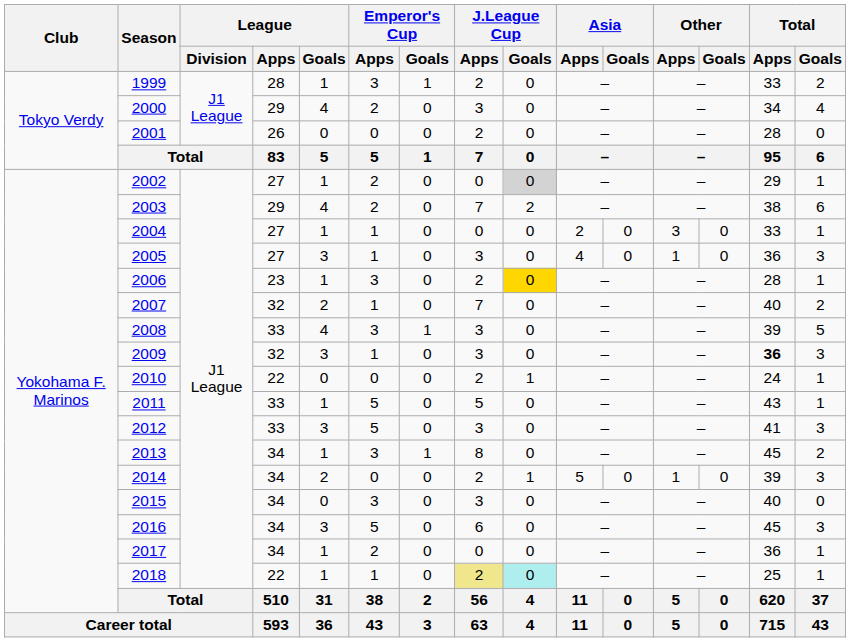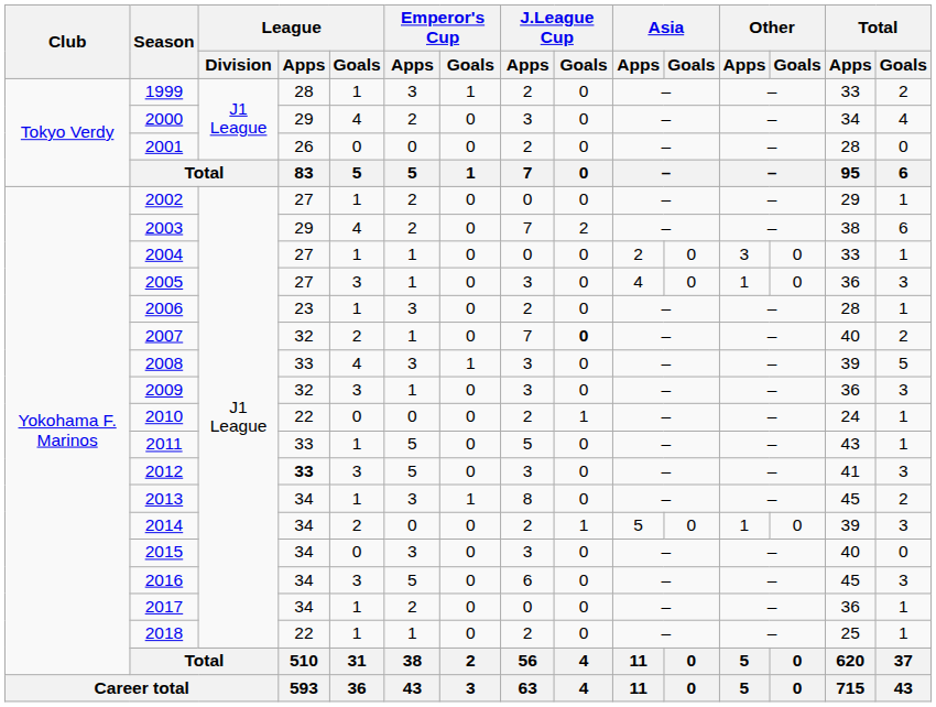 <table class="wikitable" style="text-align:center">
 <tr>
 <th rowspan="2">Club</th>
 <th rowspan="2">Season</th>
 <th colspan="3">League</th>
 <th colspan="2"><a href='#'>Emperor's Cup</a></th>
 <th colspan="2"><a href='#'>J.League Cup</a></th>
 <th colspan="2"><a href='#'>Asia</a></th>
 <th colspan="2">Other</th>
 <th colspan="2">Total</th>
 </tr>
 <tr>
 <th>Division</th>
 <th>Apps</th>
 <th>Goals</th>
 <th>Apps</th>
 <th>Goals</th>
 <th>Apps</th>
 <th>Goals</th>
 <th>Apps</th>
 <th>Goals</th>
 <th>Apps</th>
 <th>Goals</th>
 <th>Apps</th>
 <th>Goals</th>
 </tr>
 <tr>
 <td rowspan="4"><a href='#'>Tokyo Verdy</a></td>
 <td><a href='#'>1999</a></td>
 <td rowspan="3"><a href='#'>J1 League</a></td>
 <td>28</td>
 <td>1</td>
 <td>3</td>
 <td>1</td>
 <td>2</td>
 <td>0</td>
 <td colspan="2">–</td>
 <td colspan="2">–</td>
 <td>33</td>
 <td>2</td>
 </tr>
 <tr>
 <td><a href='#'>2000</a></td>
 <td>29</td>
 <td>4</td>
 <td>2</td>
 <td>0</td>
 <td>3</td>
 <td>0</td>
 <td colspan="2">–</td>
 <td colspan="2">–</td>
 <td>34</td>
 <td>4</td>
 </tr>
 <tr>
 <td><a href='#'>2001</a></td>
 <td>26</td>
 <td>0</td>
 <td>0</td>
 <td>0</td>
 <td>2</td>
 <td>0</td>
 <td colspan="2">–</td>
 <td colspan="2">–</td>
 <td>28</td>
 <td>0</td>
 </tr>
 <tr>
 <th colspan="2">Total</th>
 <th>83</th>
 <th>5</th>
 <th>5</th>
 <th>1</th>
 <th>7</th>
 <th>0</th>
 <th colspan="2">–</th>
 <th colspan="2">–</th>
 <th>95</th>
 <th>6</th>
 </tr>
 <tr>
 <td rowspan="18"><a href='#'>Yokohama F. Marinos</a></td>
 <td><a href='#'>2002</a></td>
 <td rowspan="17">J1 League</td>
 <td>27</td>
 <td>1</td>
 <td>2</td>
 <td>0</td>
 <td>0</td>
-<td style="background: lightgrey;">0</td>
+<td>0</td>
 <td colspan="2">–</td>
 <td colspan="2">–</td>
 <td>29</td>
 <td>1</td>
 </tr>
 <tr>
 <td><a href='#'>2003</a></td>
 <td>29</td>
 <td>4</td>
 <td>2</td>
 <td>0</td>
 <td>7</td>
 <td>2</td>
 <td colspan="2">–</td>
 <td colspan="2">–</td>
 <td>38</td>
 <td>6</td>
 </tr>
 <tr>
 <td><a href='#'>2004</a></td>
 <td>27</td>
 <td>1</td>
 <td>1</td>
 <td>0</td>
 <td>0</td>
 <td>0</td>
 <td>2</td>
 <td>0</td>
 <td>3</td>
 <td>0</td>
 <td>33</td>
 <td>1</td>
 </tr>
 <tr>
 <td><a href='#'>2005</a></td>
 <td>27</td>
 <td>3</td>
 <td>1</td>
 <td>0</td>
 <td>3</td>
 <td>0</td>
 <td>4</td>
 <td>0</td>
 <td>1</td>
 <td>0</td>
 <td>36</td>
 <td>3</td>
 </tr>
 <tr>
 <td><a href='#'>2006</a></td>
 <td>23</td>
 <td>1</td>
 <td>3</td>
 <td>0</td>
 <td>2</td>
-<td style="background: gold;">0</td>
+<td>0</td>
 <td colspan="2">–</td>
 <td colspan="2">–</td>
 <td>28</td>
 <td>1</td>
 </tr>
 <tr>
 <td><a href='#'>2007</a></td>
 <td>32</td>
 <td>2</td>
 <td>1</td>
 <td>0</td>
 <td>7</td>
-<td>0</td>
+<td><strong>0</strong></td>
 <td colspan="2">–</td>
 <td colspan="2">–</td>
 <td>40</td>
 <td>2</td>
 </tr>
 <tr>
 <td><a href='#'>2008</a></td>
 <td>33</td>
 <td>4</td>
 <td>3</td>
 <td>1</td>
 <td>3</td>
 <td>0</td>
 <td colspan="2">–</td>
 <td colspan="2">–</td>
 <td>39</td>
 <td>5</td>
 </tr>
 <tr>
 <td><a href='#'>2009</a></td>
 <td>32</td>
 <td>3</td>
 <td>1</td>
 <td>0</td>
 <td>3</td>
 <td>0</td>
 <td colspan="2">–</td>
 <td colspan="2">–</td>
-<td><strong>36</strong></td>
+<td>36</td>
 <td>3</td>
 </tr>
 <tr>
 <td><a href='#'>2010</a></td>
 <td>22</td>
 <td>0</td>
 <td>0</td>
 <td>0</td>
 <td>2</td>
 <td>1</td>
 <td colspan="2">–</td>
 <td colspan="2">–</td>
 <td>24</td>
 <td>1</td>
 </tr>
 <tr>
 <td><a href='#'>2011</a></td>
 <td>33</td>
 <td>1</td>
 <td>5</td>
 <td>0</td>
 <td>5</td>
 <td>0</td>
 <td colspan="2">–</td>
 <td colspan="2">–</td>
 <td>43</td>
 <td>1</td>
 </tr>
 <tr>
 <td><a href='#'>2012</a></td>
-<td>33</td>
+<td><strong>33</strong></td>
 <td>3</td>
 <td>5</td>
 <td>0</td>
 <td>3</td>
 <td>0</td>
 <td colspan="2">–</td>
 <td colspan="2">–</td>
 <td>41</td>
 <td>3</td>
 </tr>
 <tr>
 <td><a href='#'>2013</a></td>
 <td>34</td>
 <td>1</td>
 <td>3</td>
 <td>1</td>
 <td>8</td>
 <td>0</td>
 <td colspan="2">–</td>
 <td colspan="2">–</td>
 <td>45</td>
 <td>2</td>
 </tr>
 <tr>
 <td><a href='#'>2014</a></td>
 <td>34</td>
 <td>2</td>
 <td>0</td>
 <td>0</td>
 <td>2</td>
 <td>1</td>
 <td>5</td>
 <td>0</td>
 <td>1</td>
 <td>0</td>
 <td>39</td>
 <td>3</td>
 </tr>
 <tr>
 <td><a href='#'>2015</a></td>
 <td>34</td>
 <td>0</td>
 <td>3</td>
 <td>0</td>
 <td>3</td>
 <td>0</td>
 <td colspan="2">–</td>
 <td colspan="2">–</td>
 <td>40</td>
 <td>0</td>
 </tr>
 <tr>
 <td><a href='#'>2016</a></td>
 <td>34</td>
 <td>3</td>
 <td>5</td>
 <td>0</td>
 <td>6</td>
 <td>0</td>
 <td colspan="2">–</td>
 <td colspan="2">–</td>
 <td>45</td>
 <td>3</td>
 </tr>
 <tr>
 <td><a href='#'>2017</a></td>
 <td>34</td>
 <td>1</td>
 <td>2</td>
 <td>0</td>
 <td>0</td>
 <td>0</td>
 <td colspan="2">–</td>
 <td colspan="2">–</td>
 <td>36</td>
 <td>1</td>
 </tr>
 <tr>
 <td><a href='#'>2018</a></td>
 <td>22</td>
 <td>1</td>
 <td>1</td>
 <td>0</td>
-<td style="background: khaki;">2</td>
-<td style="background: paleturquoise;">0</td>
+<td>2</td>
+<td>0</td>
 <td colspan="2">–</td>
 <td colspan="2">–</td>
 <td>25</td>
 <td>1</td>
 </tr>
 <tr>
 <th colspan="2">Total</th>
 <th>510</th>
 <th>31</th>
 <th>38</th>
 <th>2</th>
 <th>56</th>
 <th>4</th>
 <th>11</th>
 <th>0</th>
 <th>5</th>
 <th>0</th>
 <th>620</th>
 <th>37</th>
 </tr>
 <tr>
 <th colspan="3">Career total</th>
 <th>593</th>
 <th>36</th>
 <th>43</th>
 <th>3</th>
 <th>63</th>
 <th>4</th>
 <th>11</th>
 <th>0</th>
 <th>5</th>
 <th>0</th>
 <th>715</th>
 <th>43</th>
 </tr>
 </table>
